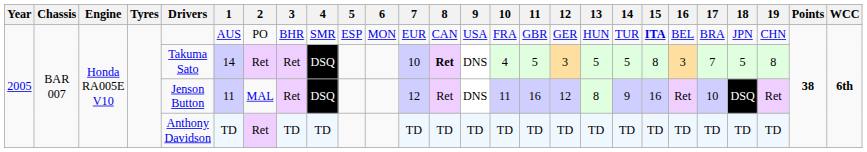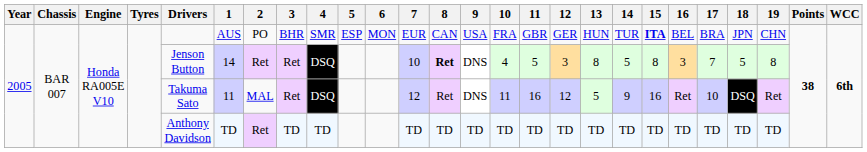 <table class="wikitable" style="text-align:center; font-size:95%">
 <tr>
 <th>Year</th>
 <th>Chassis</th>
 <th>Engine</th>
 <th>Tyres</th>
 <th>Drivers</th>
 <th>1</th>
 <th>2</th>
 <th>3</th>
 <th>4</th>
 <th>5</th>
 <th>6</th>
 <th>7</th>
 <th>8</th>
 <th>9</th>
 <th>10</th>
 <th>11</th>
 <th>12</th>
 <th>13</th>
 <th>14</th>
 <th>15</th>
 <th>16</th>
 <th>17</th>
 <th>18</th>
 <th>19</th>
 <th>Points</th>
 <th>WCC</th>
 </tr>
 <tr>
 <td rowspan="4"><a href='#'>2005</a></td>
 <td rowspan="4">BAR 007</td>
 <td rowspan="4"><a href='#'>Honda</a> RA005E <a href='#'>V10</a></td>
 <td rowspan="4"></td>
 <td></td>
 <td><a href='#'>AUS</a></td>
 <td>PO</td>
 <td><a href='#'>BHR</a></td>
 <td><a href='#'>SMR</a></td>
 <td><a href='#'>ESP</a></td>
 <td><a href='#'>MON</a></td>
 <td><a href='#'>EUR</a></td>
 <td><a href='#'>CAN</a></td>
 <td><a href='#'>USA</a></td>
 <td><a href='#'>FRA</a></td>
 <td><a href='#'>GBR</a></td>
 <td><a href='#'>GER</a></td>
 <td><a href='#'>HUN</a></td>
 <td><a href='#'>TUR</a></td>
 <td><strong><a href='#'>ITA</a></strong></td>
 <td><a href='#'>BEL</a></td>
 <td><a href='#'>BRA</a></td>
 <td><a href='#'>JPN</a></td>
 <td><a href='#'>CHN</a></td>
 <td rowspan="4"><strong>38</strong></td>
 <td rowspan="4"><strong>6th</strong></td>
 </tr>
 <tr>
-<td> <a href='#'>Takuma Sato</a></td>
+<td> <a href='#'>Jenson Button</a></td>
 <td style="background:#CFCFFF;">14</td>
 <td style="background:#EFCFFF;">Ret</td>
 <td style="background:#EFCFFF;">Ret</td>
 <td style="background:#000000; color:white">DSQ</td>
 <td></td>
 <td></td>
 <td style="background:#CFCFFF;">10</td>
 <td style="background:#EFCFFF;"><strong>Ret</strong></td>
 <td style="background:#ffffff;">DNS</td>
 <td style="background:#DFFFDF;">4</td>
 <td style="background:#DFFFDF;">5</td>
 <td style="background:#FFDF9F;">3</td>
-<td style="background:#DFFFDF;">5</td>
+<td style="background:#DFFFDF;">8</td>
 <td style="background:#DFFFDF;">5</td>
 <td style="background:#DFFFDF;">8</td>
 <td style="background:#FFDF9F;">3</td>
 <td style="background:#DFFFDF;">7</td>
 <td style="background:#DFFFDF;">5</td>
 <td style="background:#DFFFDF;">8</td>
 </tr>
 <tr>
-<td> <a href='#'>Jenson Button</a></td>
+<td> <a href='#'>Takuma Sato</a></td>
 <td style="background:#CFCFFF;">11</td>
 <td><a href='#'>MAL</a></td>
 <td style="background:#EFCFFF;">Ret</td>
 <td style="background:#000000; color:white">DSQ</td>
 <td></td>
 <td></td>
 <td style="background:#CFCFFF;">12</td>
 <td style="background:#EFCFFF;">Ret</td>
 <td style="background:#ffffff;">DNS</td>
 <td style="background:#CFCFFF;">11</td>
 <td style="background:#CFCFFF;">16</td>
 <td style="background:#CFCFFF;">12</td>
-<td style="background:#DFFFDF;">8</td>
+<td style="background:#DFFFDF;">5</td>
 <td style="background:#CFCFFF;">9</td>
 <td style="background:#CFCFFF;">16</td>
 <td style="background:#EFCFFF;">Ret</td>
 <td style="background:#CFCFFF;">10</td>
 <td style="background:#000000; color:white">DSQ</td>
 <td style="background:#EFCFFF;">Ret</td>
 </tr>
 <tr>
 <td> <a href='#'>Anthony Davidson</a></td>
 <td style="background:#F0F8FF;">TD</td>
 <td style="background:#EFCFFF;">Ret</td>
 <td style="background:#F0F8FF;">TD</td>
 <td style="background:#F0F8FF;">TD</td>
 <td></td>
 <td></td>
 <td style="background:#F0F8FF;">TD</td>
 <td style="background:#F0F8FF;">TD</td>
 <td style="background:#F0F8FF;">TD</td>
 <td style="background:#F0F8FF;">TD</td>
 <td style="background:#F0F8FF;">TD</td>
 <td style="background:#F0F8FF;">TD</td>
 <td style="background:#F0F8FF;">TD</td>
 <td style="background:#F0F8FF;">TD</td>
 <td style="background:#F0F8FF;">TD</td>
 <td style="background:#F0F8FF;">TD</td>
 <td style="background:#F0F8FF;">TD</td>
 <td style="background:#F0F8FF;">TD</td>
 <td style="background:#F0F8FF;">TD</td>
 </tr>
 </table>
